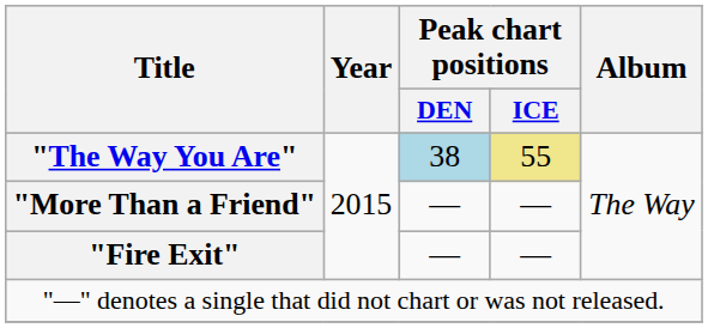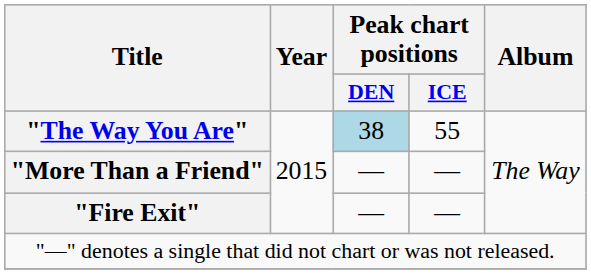 <table class="wikitable plainrowheaders" style="text-align:center;">
 <tr>
 <th scope="col" rowspan="2">Title</th>
 <th scope="col" rowspan="2">Year</th>
 <th scope="col" colspan="2">Peak chart positions</th>
 <th scope="col" rowspan="2">Album</th>
 </tr>
 <tr>
 <th scope="col" style="width:3em;font-size:85%;"><a href='#'>DEN</a><br></th>
 <th scope="col" style="width:3em;font-size:85%;"><a href='#'>ICE</a></th>
 </tr>
 <tr>
 <th scope="row">"<a href='#'>The Way You Are</a>"</th>
 <td rowspan="3">2015</td>
 <td style="background: lightblue;">38</td>
-<td style="background: khaki;">55</td>
+<td>55</td>
 <td rowspan="3"><em>The Way</em></td>
 </tr>
 <tr>
 <th scope="row">"More Than a Friend"</th>
 <td>—</td>
 <td>—</td>
 </tr>
 <tr>
 <th scope="row">"Fire Exit"</th>
 <td>—</td>
 <td>—</td>
 </tr>
 <tr>
 <td colspan="13" style="font-size:85%">"—" denotes a single that did not chart or was not released.</td>
 </tr>
 <tr>
 </tr>
 </table>
